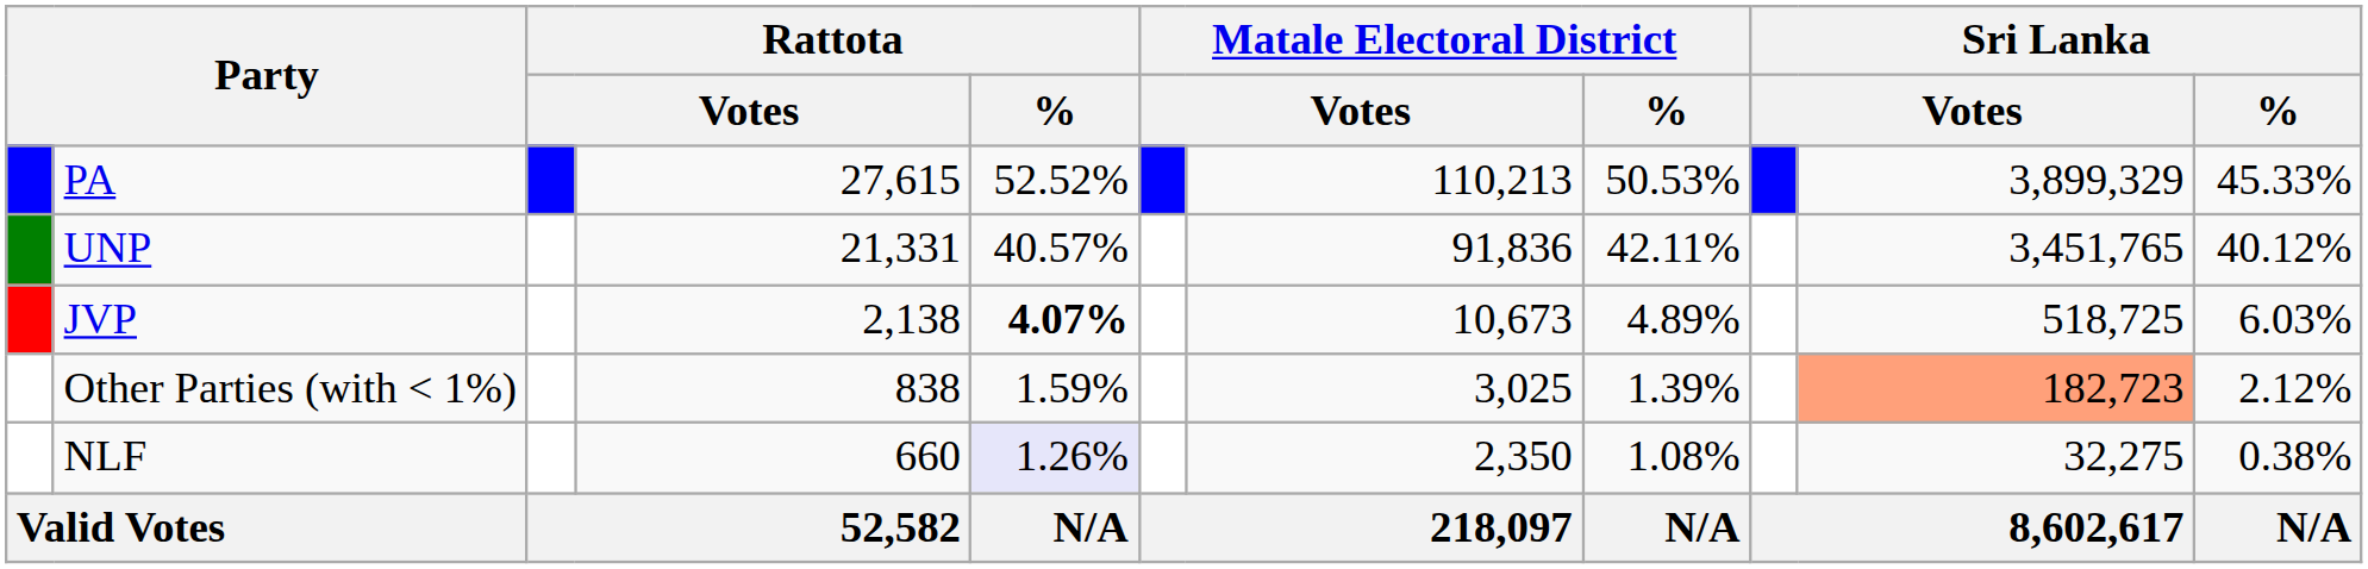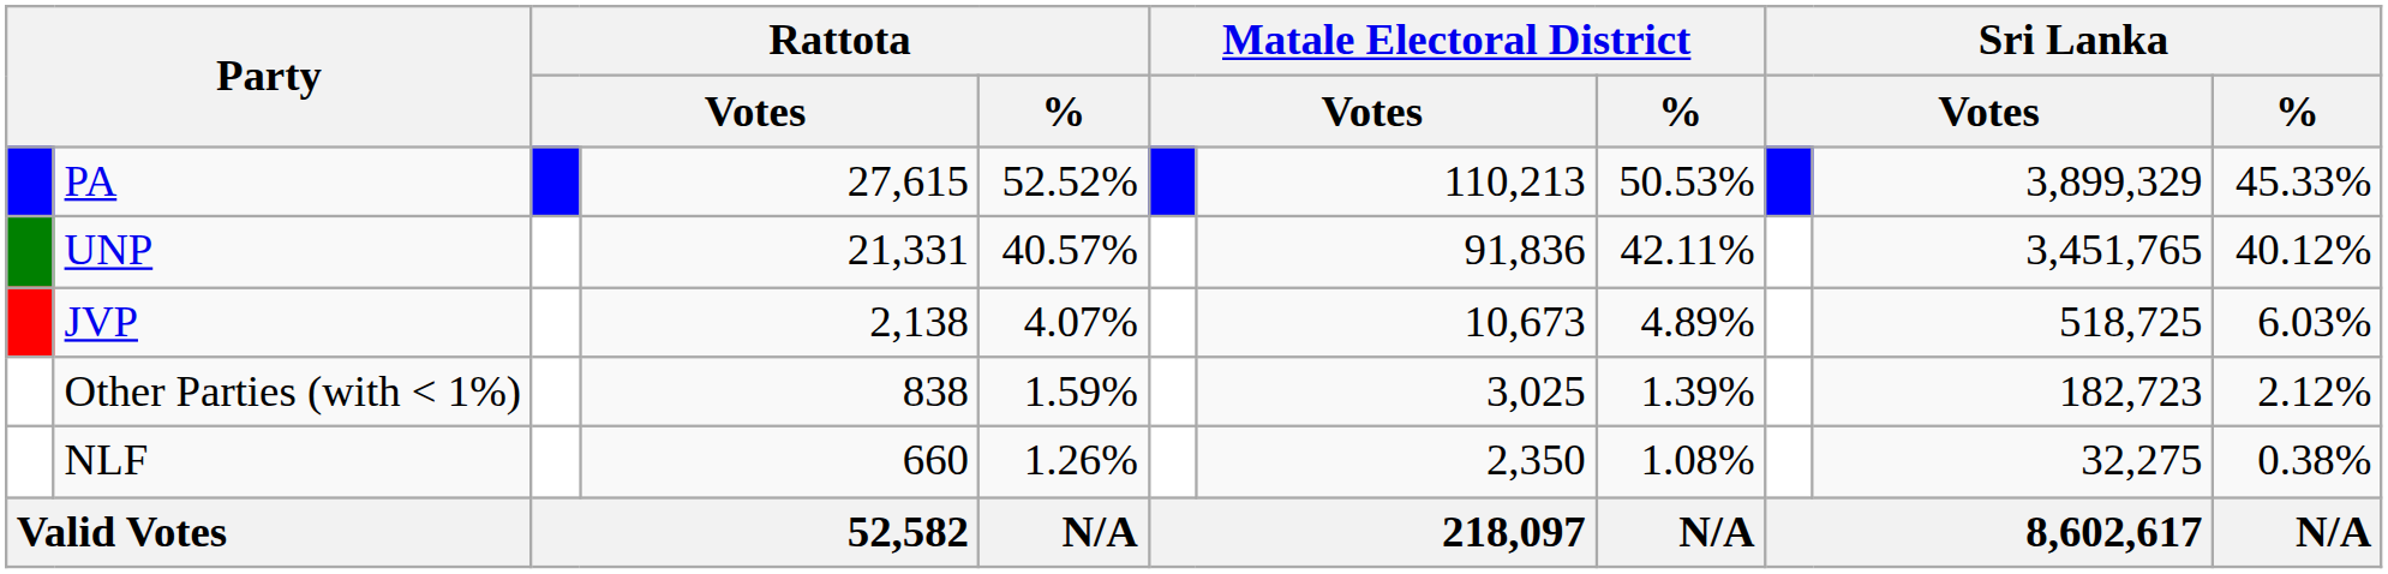 <table class="wikitable">
 <tr>
 <th colspan="2" width="144px"rowspan="2">Party</th>
 <th colspan="3" width="216px">Rattota</th>
 <th colspan="3" width="216px"><a href='#'>Matale Electoral District</a></th>
 <th colspan="3" width="216px">Sri Lanka</th>
 </tr>
 <tr>
 <th colspan="2" width="144px">Votes</th>
 <th>%</th>
 <th colspan="2" width="144px">Votes</th>
 <th>%</th>
 <th colspan="2" width="144px">Votes</th>
 <th>%</th>
 </tr>
 <tr>
 <td style="background-color:blue;" width="10px"></td>
 <td style="text-align:left;"><a href='#'>PA</a></td>
 <td style="background-color:blue;" width="10px"></td>
 <td style="text-align:right;">27,615</td>
 <td style="text-align:right;">52.52%</td>
 <td style="background-color:blue;" width="10px"></td>
 <td style="text-align:right;">110,213</td>
 <td style="text-align:right;">50.53%</td>
 <td style="background-color:blue;" width="10px"></td>
 <td style="text-align:right;">3,899,329</td>
 <td style="text-align:right;">45.33%</td>
 </tr>
 <tr>
 <td style="background-color:green;" width="10px"></td>
 <td style="text-align:left;"><a href='#'>UNP</a></td>
 <td style="background-color:white;" width="10px"></td>
 <td style="text-align:right;">21,331</td>
 <td style="text-align:right;">40.57%</td>
 <td style="background-color:white;" width="10px"></td>
 <td style="text-align:right;">91,836</td>
 <td style="text-align:right;">42.11%</td>
 <td style="background-color:white;" width="10px"></td>
 <td style="text-align:right;">3,451,765</td>
 <td style="text-align:right;">40.12%</td>
 </tr>
 <tr>
 <td style="background-color:red;" width="10px"></td>
 <td style="text-align:left;"><a href='#'>JVP</a></td>
 <td style="background-color:white;" width="10px"></td>
 <td style="text-align:right;">2,138</td>
-<td style="text-align:right;"><strong>4.07%</strong></td>
+<td style="text-align:right;">4.07%</td>
 <td style="background-color:white;" width="10px"></td>
 <td style="text-align:right;">10,673</td>
 <td style="text-align:right;">4.89%</td>
 <td style="background-color:white;" width="10px"></td>
 <td style="text-align:right;">518,725</td>
 <td style="text-align:right;">6.03%</td>
 </tr>
 <tr>
 <td style="background-color:white;" width="10px"></td>
 <td style="text-align:left;">Other Parties (with < 1%)</td>
 <td style="background-color:white;" width="10px"></td>
 <td style="text-align:right;">838</td>
 <td style="text-align:right;">1.59%</td>
 <td style="background-color:white;" width="10px"></td>
 <td style="text-align:right;">3,025</td>
 <td style="text-align:right;">1.39%</td>
 <td style="background-color:white;" width="10px"></td>
-<td style="background: lightsalmon; text-align:right;">182,723</td>
+<td style="text-align:right;">182,723</td>
 <td style="text-align:right;">2.12%</td>
 </tr>
 <tr>
 <td style="background-color:white;" width="10px"></td>
 <td style="text-align:left;">NLF</td>
 <td style="background-color:white;" width="10px"></td>
 <td style="text-align:right;">660</td>
-<td style="background: lavender; text-align:right;">1.26%</td>
+<td style="text-align:right;">1.26%</td>
 <td style="background-color:white;" width="10px"></td>
 <td style="text-align:right;">2,350</td>
 <td style="text-align:right;">1.08%</td>
 <td style="background-color:white;" width="10px"></td>
 <td style="text-align:right;">32,275</td>
 <td style="text-align:right;">0.38%</td>
 </tr>
 <tr>
 <th colspan="2" width="144px"style="text-align:left;">Valid Votes</th>
 <th style="text-align:right;"colspan="2" width="144px">52,582</th>
 <th style="text-align:right;">N/A</th>
 <th style="text-align:right;"colspan="2" width="144px">218,097</th>
 <th style="text-align:right;">N/A</th>
 <th style="text-align:right;"colspan="2" width="144px">8,602,617</th>
 <th style="text-align:right;">N/A</th>
 </tr>
 </table>
